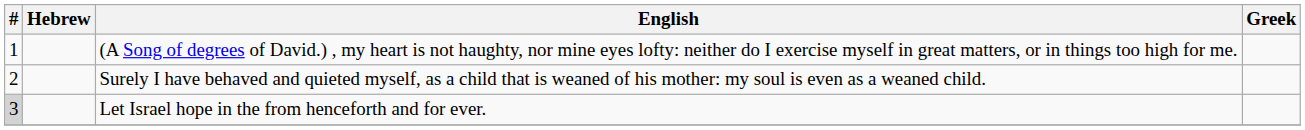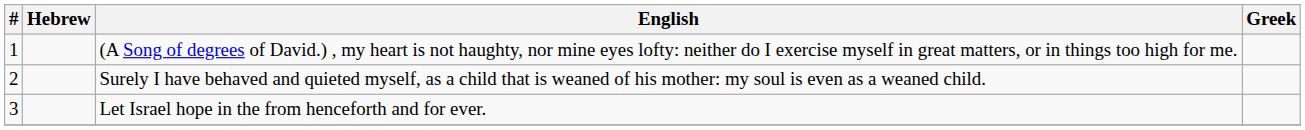 <table class=wikitable>
 <tr>
 <th>#</th>
 <th>Hebrew</th>
 <th>English</th>
 <th>Greek</th>
 </tr>
 <tr>
 <td style="text-align:right">1</td>
 <td style="text-align:right"></td>
 <td>(A <a href='#'>Song of degrees</a> of David.) , my heart is not haughty, nor mine eyes lofty: neither do I exercise myself in great matters, or in things too high for me.</td>
 <td></td>
 </tr>
 <tr>
 <td style="text-align:right">2</td>
 <td style="text-align:right"></td>
 <td>Surely I have behaved and quieted myself, as a child that is weaned of his mother: my soul is even as a weaned child.</td>
 <td></td>
 </tr>
 <tr>
-<td style="background: lightgrey; text-align:right">3</td>
+<td style="text-align:right">3</td>
 <td style="text-align:right"></td>
 <td>Let Israel hope in the  from henceforth and for ever.</td>
 <td></td>
 </tr>
 <tr>
 </tr>
 </table>
